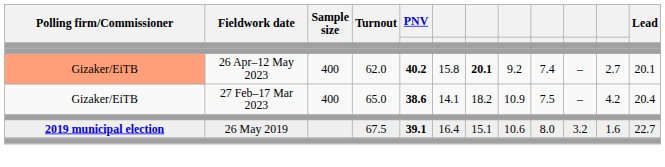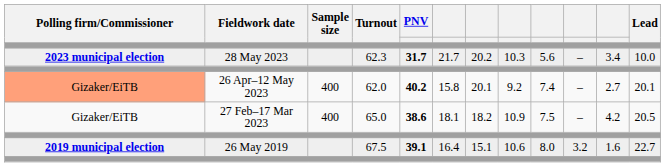 <table class="wikitable collapsible collapsed" style="text-align:center; font-size:95%; line-height:16px;">
 <tr style="height:42px;">
 <th style="width:250px;" rowspan="2">Polling firm/Commissioner</th>
 <th style="width:125px;" rowspan="2">Fieldwork date</th>
 <th style="width:50px;" rowspan="2">Sample size</th>
 <th style="width:45px;" rowspan="2">Turnout</th>
 <th style="width:35px;"><a href='#'>PNV</a></th>
 <th style="width:35px;"></th>
 <th style="width:35px;"></th>
 <th style="width:35px;"></th>
 <th style="width:35px;"></th>
 <th style="width:35px;"></th>
 <th style="width:35px;"></th>
 <th style="width:30px;" rowspan="2">Lead</th>
 </tr>
 <tr>
 <th style="color:inherit;background:"></th>
 <th style="color:inherit;background:"></th>
 <th style="color:inherit;background:"></th>
 <th style="color:inherit;background:"></th>
 <th style="color:inherit;background:"></th>
 <th style="color:inherit;background:"></th>
 <th style="color:inherit;background:"></th>
 </tr>
 <tr>
 <td colspan="12" style="background:#A0A0A0"></td>
 </tr>
+<tr style="background:#EFEFEF;">
+<td><strong><a href='#'>2023 municipal election</a></strong></td>
+<td>28 May 2023</td>
+<td></td>
+<td>62.3</td>
+<td><strong>31.7</strong><br></td>
+<td>21.7<br></td>
+<td>20.2<br></td>
+<td>10.3<br></td>
+<td>5.6<br></td>
+<td>–</td>
+<td>3.4<br></td>
+<td style="background:">10.0</td>
+</tr>
 <tr>
 <td colspan="12" style="background:#A0A0A0"></td>
 </tr>
 <tr>
 <td style="background: lightsalmon;">Gizaker/EiTB</td>
 <td>26 Apr–12 May 2023</td>
 <td>400</td>
 <td>62.0</td>
 <td><strong>40.2</strong><br></td>
 <td>15.8<br></td>
-<td><strong>20.1<br></strong></td>
+<td>20.1<br></td>
 <td>9.2<br></td>
 <td>7.4<br></td>
 <td>–</td>
 <td>2.7<br></td>
 <td style="background:">20.1</td>
 </tr>
 <tr>
 <td>Gizaker/EiTB</td>
 <td>27 Feb–17 Mar 2023</td>
 <td>400</td>
 <td>65.0</td>
 <td><strong>38.6</strong><br></td>
-<td>14.1<br></td>
+<td>18.1<br></td>
 <td>18.2<br></td>
 <td>10.9<br></td>
 <td>7.5<br></td>
 <td>–</td>
 <td>4.2<br></td>
-<td style="background:">20.4</td>
+<td style="background:">20.5</td>
 </tr>
 <tr>
 <td colspan="12" style="background:#A0A0A0"></td>
 </tr>
 <tr style="background:#EFEFEF;">
 <td><strong><a href='#'>2019 municipal election</a></strong></td>
 <td>26 May 2019</td>
 <td></td>
 <td>67.5</td>
 <td><strong>39.1</strong><br></td>
 <td>16.4<br></td>
 <td>15.1<br></td>
 <td>10.6<br></td>
 <td>8.0<br></td>
 <td>3.2<br></td>
 <td>1.6<br></td>
 <td style="background:">22.7</td>
 </tr>
 <tr>
 <td colspan="12" style="background:#A0A0A0"></td>
 </tr>
 </table>
